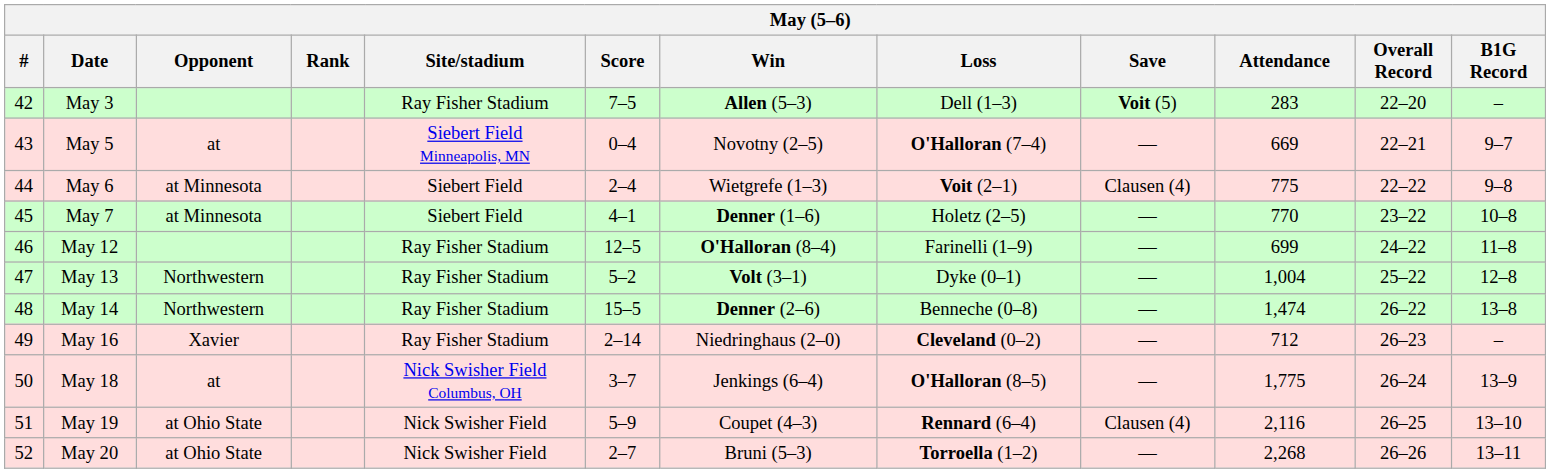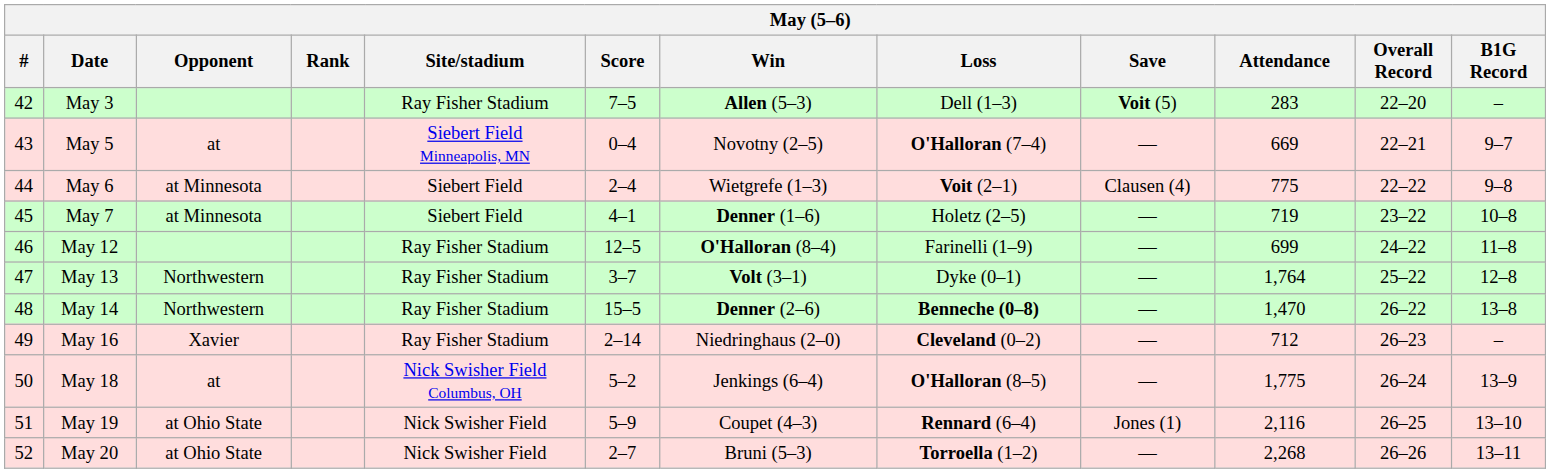 <table class="wikitable collapsible collapsed" style="margin:auto; width:100%; text-align:center; font-size:95%">
 <tr>
 <th colspan=12 style="padding-left:4em;">May (5–6)</th>
 </tr>
 <tr>
 <th>#</th>
 <th>Date</th>
 <th>Opponent</th>
 <th>Rank</th>
 <th>Site/stadium</th>
 <th>Score</th>
 <th>Win</th>
 <th>Loss</th>
 <th>Save</th>
 <th>Attendance</th>
 <th>Overall<br>Record</th>
 <th>B1G<br>Record</th>
 </tr>
 <tr align="center" bgcolor="#ccffcc">
 <td>42</td>
 <td>May 3</td>
 <td></td>
 <td></td>
 <td>Ray Fisher Stadium</td>
 <td>7–5</td>
 <td><strong>Allen</strong> (5–3)</td>
 <td>Dell (1–3)</td>
 <td><strong>Voit</strong> (5)</td>
 <td>283</td>
 <td>22–20</td>
 <td>–</td>
 </tr>
 <tr align="center" bgcolor="#ffdddd">
 <td>43</td>
 <td>May 5</td>
 <td>at </td>
 <td></td>
 <td><a href='#'>Siebert Field</a><br><small><a href='#'>Minneapolis, MN</a></small></td>
 <td>0–4</td>
 <td>Novotny (2–5)</td>
 <td><strong>O'Halloran</strong> (7–4)</td>
 <td>—</td>
 <td>669</td>
 <td>22–21</td>
 <td>9–7</td>
 </tr>
 <tr align="center" bgcolor="#ffdddd">
 <td>44</td>
 <td>May 6</td>
 <td>at Minnesota</td>
 <td></td>
 <td>Siebert Field</td>
 <td>2–4</td>
 <td>Wietgrefe (1–3)</td>
 <td><strong>Voit</strong> (2–1)</td>
 <td>Clausen (4)</td>
 <td>775</td>
 <td>22–22</td>
 <td>9–8</td>
 </tr>
 <tr align="center" bgcolor="#ccffcc">
 <td>45</td>
 <td>May 7</td>
 <td>at Minnesota</td>
 <td></td>
 <td>Siebert Field</td>
 <td>4–1</td>
 <td><strong>Denner</strong> (1–6)</td>
 <td>Holetz (2–5)</td>
 <td>—</td>
-<td>770</td>
+<td>719</td>
 <td>23–22</td>
 <td>10–8</td>
 </tr>
 <tr align="center" bgcolor="#ccffcc">
 <td>46</td>
 <td>May 12</td>
 <td></td>
 <td></td>
 <td>Ray Fisher Stadium</td>
 <td>12–5</td>
 <td><strong>O'Halloran</strong> (8–4)</td>
 <td>Farinelli (1–9)</td>
 <td>—</td>
 <td>699</td>
 <td>24–22</td>
 <td>11–8</td>
 </tr>
 <tr align="center" bgcolor="#ccffcc">
 <td>47</td>
 <td>May 13</td>
 <td>Northwestern</td>
 <td></td>
 <td>Ray Fisher Stadium</td>
-<td>5–2</td>
+<td>3–7</td>
 <td><strong>Volt</strong> (3–1)</td>
 <td>Dyke (0–1)</td>
 <td>—</td>
-<td>1,004</td>
+<td>1,764</td>
 <td>25–22</td>
 <td>12–8</td>
 </tr>
 <tr align="center" bgcolor="#ccffcc">
 <td>48</td>
 <td>May 14</td>
 <td>Northwestern</td>
 <td></td>
 <td>Ray Fisher Stadium</td>
 <td>15–5</td>
 <td><strong>Denner</strong> (2–6)</td>
-<td>Benneche (0–8)</td>
+<td><strong>Benneche (0–8)</strong></td>
 <td>—</td>
-<td>1,474</td>
+<td>1,470</td>
 <td>26–22</td>
 <td>13–8</td>
 </tr>
 <tr align="center" bgcolor="#ffdddd">
 <td>49</td>
 <td>May 16</td>
 <td>Xavier</td>
 <td></td>
 <td>Ray Fisher Stadium</td>
 <td>2–14</td>
 <td>Niedringhaus (2–0)</td>
 <td><strong>Cleveland</strong> (0–2)</td>
 <td>—</td>
 <td>712</td>
 <td>26–23</td>
 <td>–</td>
 </tr>
 <tr align="center" bgcolor="#ffdddd">
 <td>50</td>
 <td>May 18</td>
 <td>at </td>
 <td></td>
 <td><a href='#'>Nick Swisher Field</a><br><small><a href='#'>Columbus, OH</a></small></td>
-<td>3–7</td>
+<td>5–2</td>
 <td>Jenkings (6–4)</td>
 <td><strong>O'Halloran</strong> (8–5)</td>
 <td>—</td>
 <td>1,775</td>
 <td>26–24</td>
 <td>13–9</td>
 </tr>
 <tr align="center" bgcolor="#ffdddd">
 <td>51</td>
 <td>May 19</td>
 <td>at Ohio State</td>
 <td></td>
 <td>Nick Swisher Field</td>
 <td>5–9</td>
 <td>Coupet (4–3)</td>
 <td><strong>Rennard</strong> (6–4)</td>
-<td>Clausen (4)</td>
+<td>Jones (1)</td>
 <td>2,116</td>
 <td>26–25</td>
 <td>13–10</td>
 </tr>
 <tr align="center" bgcolor="#ffdddd">
 <td>52</td>
 <td>May 20</td>
 <td>at Ohio State</td>
 <td></td>
 <td>Nick Swisher Field</td>
 <td>2–7</td>
 <td>Bruni (5–3)</td>
 <td><strong>Torroella</strong> (1–2)</td>
 <td>—</td>
 <td>2,268</td>
 <td>26–26</td>
 <td>13–11</td>
 </tr>
 </table>
